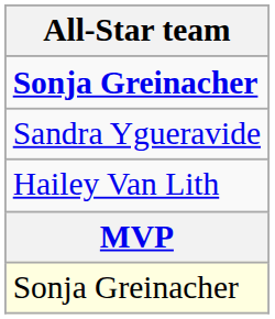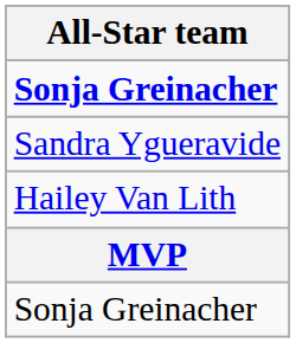 <table class="wikitable plainrowheaders">
 <tr>
 <th scope="col" colspan=2>All-Star team</th>
 </tr>
 <tr>
 <td><strong> <a href='#'>Sonja Greinacher</a></strong></td>
 </tr>
 <tr>
 <td> <a href='#'>Sandra Ygueravide</a></td>
 </tr>
 <tr>
 <td> <a href='#'>Hailey Van Lith</a></td>
 </tr>
 <tr>
 <th scope="col" colspan=2><a href='#'>MVP</a></th>
 </tr>
 <tr>
-<td style="background: lightyellow;"> Sonja Greinacher</td>
+<td> Sonja Greinacher</td>
 </tr>
 </table>
